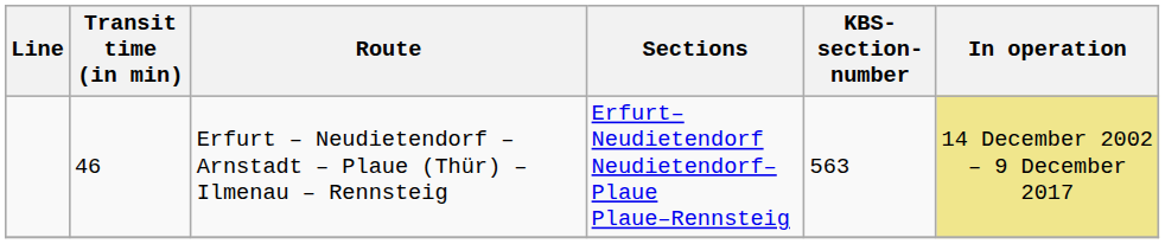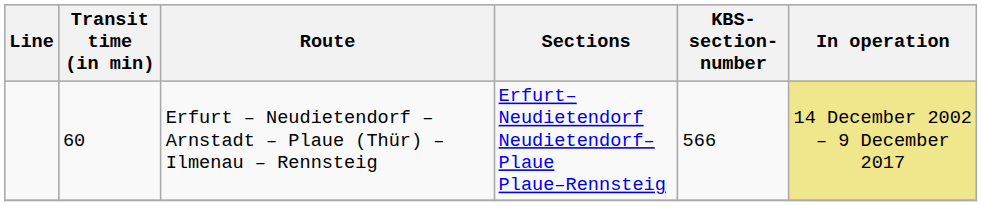 <table class="wikitable sortable" style="font-size:90%">
 <tr>
 <th>Line</th>
 <th>Transit time<br>(in min)</th>
 <th>Route</th>
 <th>Sections</th>
 <th>KBS-section-<br>number<br></th>
 <th>In operation</th>
 </tr>
 <tr>
 <td align="center"></td>
-<td>46</td>
+<td>60</td>
 <td>Erfurt – Neudietendorf – Arnstadt – Plaue (Thür) – Ilmenau – Rennsteig</td>
 <td><a href='#'>Erfurt–Neudietendorf</a><br><a href='#'>Neudietendorf–Plaue</a><br><a href='#'>Plaue–Rennsteig</a></td>
-<td>563</td>
+<td>566</td>
 <td align="center" style="background: khaki;">14 December 2002 – 9 December 2017</td>
 </tr>
 <tr>
 </tr>
 </table>
